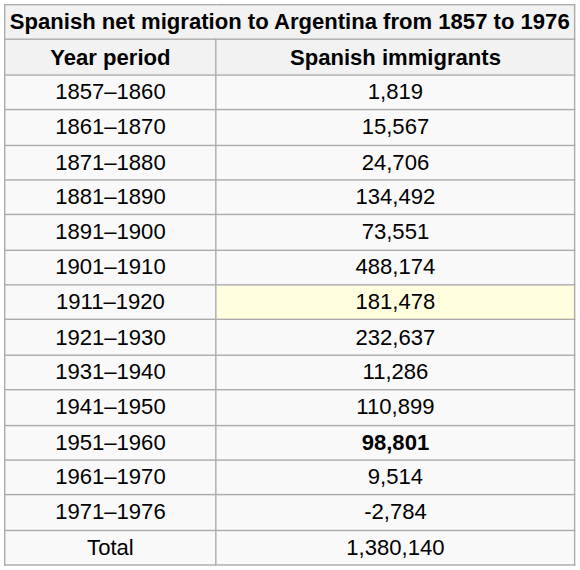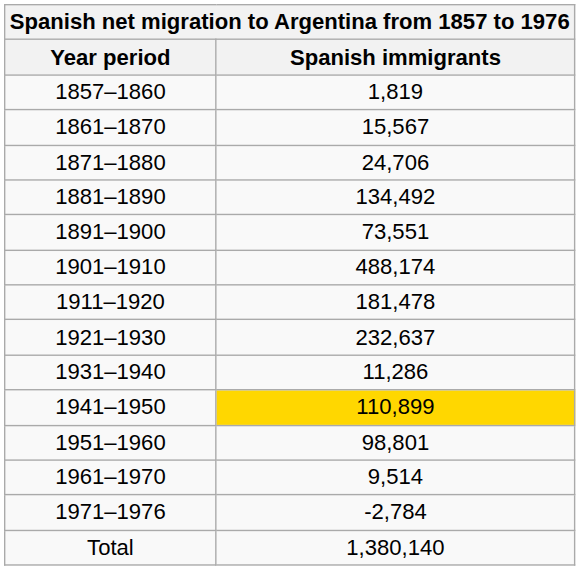 <table class="wikitable" style="text-align:center;">
 <tr>
 <th colspan=5>Spanish net migration to Argentina from 1857 to 1976</th>
 </tr>
 <tr>
 <th>Year period</th>
 <th>Spanish immigrants</th>
 </tr>
 <tr>
 <td>1857–1860</td>
 <td>1,819</td>
 </tr>
 <tr>
 <td>1861–1870</td>
 <td>15,567</td>
 </tr>
 <tr>
 <td>1871–1880</td>
 <td>24,706</td>
 </tr>
 <tr>
 <td>1881–1890</td>
 <td>134,492</td>
 </tr>
 <tr>
 <td>1891–1900</td>
 <td>73,551</td>
 </tr>
 <tr>
 <td>1901–1910</td>
 <td>488,174</td>
 </tr>
 <tr>
 <td>1911–1920</td>
-<td style="background: lightyellow;">181,478</td>
+<td>181,478</td>
 </tr>
 <tr>
 <td>1921–1930</td>
 <td>232,637</td>
 </tr>
 <tr>
 <td>1931–1940</td>
 <td>11,286</td>
 </tr>
 <tr>
 <td>1941–1950</td>
-<td>110,899</td>
+<td style="background: gold;">110,899</td>
 </tr>
 <tr>
 <td>1951–1960</td>
-<td><strong>98,801</strong></td>
+<td>98,801</td>
 </tr>
 <tr>
 <td>1961–1970</td>
 <td>9,514</td>
 </tr>
 <tr>
 <td>1971–1976</td>
 <td>-2,784</td>
 </tr>
 <tr>
 <td>Total</td>
 <td>1,380,140</td>
 </tr>
 </table>
